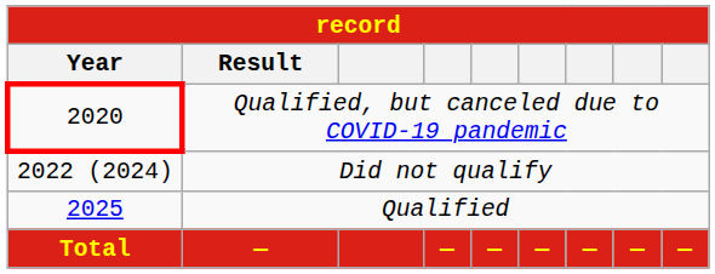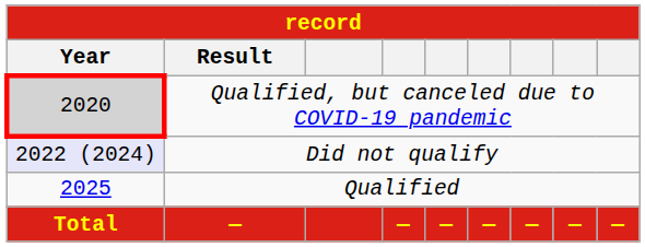 <table class="wikitable" style="text-align:center;">
 <tr>
 <th colspan="10" style="background-color: #DB2017; color: #FFFF00;"><a href='#'></a> record</th>
 </tr>
 <tr>
 <th width="90">Year</th>
 <th width="80">Result</th>
 <th width="40"></th>
 <th width="20"></th>
 <th width="20"></th>
 <th width="20"></th>
 <th width="20"></th>
 <th width="20"></th>
 <th width="20"></th>
 </tr>
 <tr>
-<td style="border: 3px solid red"> 2020</td>
+<td style="background: lightgrey; border: 3px solid red"> 2020</td>
 <td colspan="8"><em>Qualified, but canceled due to <a href='#'>COVID-19 pandemic</a></em></td>
 </tr>
 <tr>
-<td> 2022 (2024)</td>
+<td style="background: lavender;"> 2022 (2024)</td>
 <td colspan="8"><em>Did not qualify</em></td>
 </tr>
 <tr>
 <td> <a href='#'>2025</a></td>
 <td colspan="8"><em>Qualified</em></td>
 </tr>
 <tr>
 <td style="background: #DB2017; color: #FFFF00;"><strong>Total</strong></td>
 <td style="background: #DB2017; color: #FFFF00;"><strong>—</strong></td>
 <td style="background: #DB2017; color: #FFFF00;"><strong></strong></td>
 <td style="background: #DB2017; color: #FFFF00;"><strong>—</strong></td>
 <td style="background: #DB2017; color: #FFFF00;"><strong>—</strong></td>
 <td style="background: #DB2017; color: #FFFF00;"><strong>—</strong></td>
 <td style="background: #DB2017; color: #FFFF00;"><strong>—</strong></td>
 <td style="background: #DB2017; color: #FFFF00;"><strong>—</strong></td>
 <td style="background: #DB2017; color: #FFFF00;"><strong>—</strong></td>
 </tr>
 </table>
